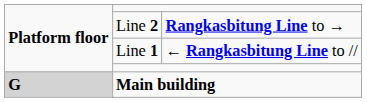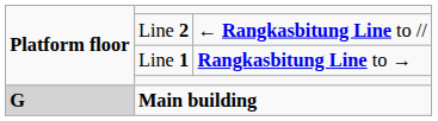 <table class="wikitable">
 <tr>
 <td rowspan="4"><strong>Platform floor</strong></td>
 <td colspan="2"></td>
 </tr>
 <tr>
 <td>Line <strong>2</strong></td>
-<td> <strong><a href='#'>Rangkasbitung Line</a></strong> to   →</td>
+<td>←   <strong><a href='#'>Rangkasbitung Line</a></strong> to //</td>
 </tr>
 <tr>
 <td>Line <strong>1</strong></td>
-<td>←   <strong><a href='#'>Rangkasbitung Line</a></strong> to //</td>
+<td> <strong><a href='#'>Rangkasbitung Line</a></strong> to   →</td>
 </tr>
 <tr>
 <td colspan="2"></td>
 </tr>
 <tr>
 <td style="background: lightgrey;"><strong>G</strong></td>
 <td colspan="2"><strong>Main building</strong></td>
 </tr>
 </table>
